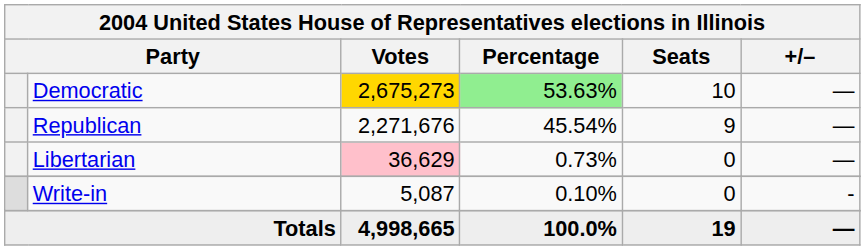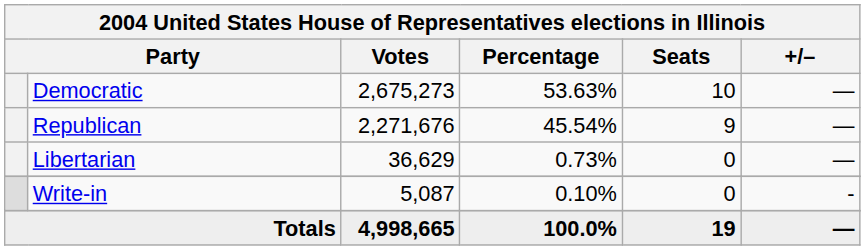 <table class="wikitable" style="font-size: 95%;">
 <tr>
 <th colspan="6">2004 United States House of Representatives elections in Illinois</th>
 </tr>
 <tr>
 <th colspan=2 style="width: 15em">Party</th>
 <th style="width: 5em">Votes</th>
 <th style="width: 7em">Percentage</th>
 <th style="width: 5em">Seats</th>
 <th style="width: 5em">+/–</th>
 </tr>
 <tr>
 <th style="background:"></th>
 <td style="width: 130px"><a href='#'>Democratic</a></td>
-<td style="background: gold; text-align:right;">2,675,273</td>
-<td style="background: lightgreen; text-align:right;">53.63%</td>
+<td style="text-align:right;">2,675,273</td>
+<td style="text-align:right;">53.63%</td>
 <td style="text-align:right;">10</td>
 <td style="text-align:right;">—</td>
 </tr>
 <tr>
 <th style="background:"></th>
 <td style="width: 130px"><a href='#'>Republican</a></td>
 <td style="text-align:right;">2,271,676</td>
 <td style="text-align:right;">45.54%</td>
 <td style="text-align:right;">9</td>
 <td style="text-align:right;">—</td>
 </tr>
 <tr>
 <th style="background:"></th>
 <td style="width: 130px"><a href='#'>Libertarian</a></td>
-<td style="background: pink; text-align:right;">36,629</td>
+<td style="text-align:right;">36,629</td>
 <td style="text-align:right;">0.73%</td>
 <td style="text-align:right;">0</td>
 <td style="text-align:right;">—</td>
 </tr>
 <tr style="background:#eee; text-align:right;">
 </tr>
 <tr>
 <th style="background-color:#DDDDDD; width: 3px"></th>
 <td style="width: 130px"><a href='#'>Write-in</a></td>
 <td align="right">5,087</td>
 <td align="right">0.10%</td>
 <td align="right">0</td>
 <td align="right">-</td>
 </tr>
 <tr>
 </tr>
 <tr bgcolor="#EEEEEE">
 <td colspan="2" align="right"><strong>Totals</strong></td>
 <td align="right"><strong>4,998,665</strong></td>
 <td align="right"><strong>100.0%</strong></td>
 <td align="right"><strong>19</strong></td>
 <td align="right"><strong>—</strong></td>
 </tr>
 </table>
